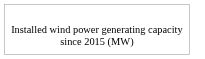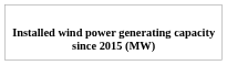 <table style="border:solid 1px #aaa;" cellpadding="10" cellspacing="0">
 <tr>
 <td></td>
 </tr>
 <tr>
-<td style="text-align:center;">Installed wind power generating capacity<br> since 2015 (MW)</td>
+<td style="text-align:center;"><strong>Installed wind power generating capacity<br> since 2015 (MW)</strong></td>
 </tr>
 </table>
